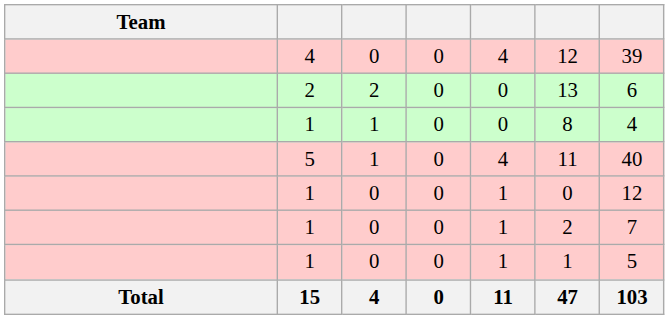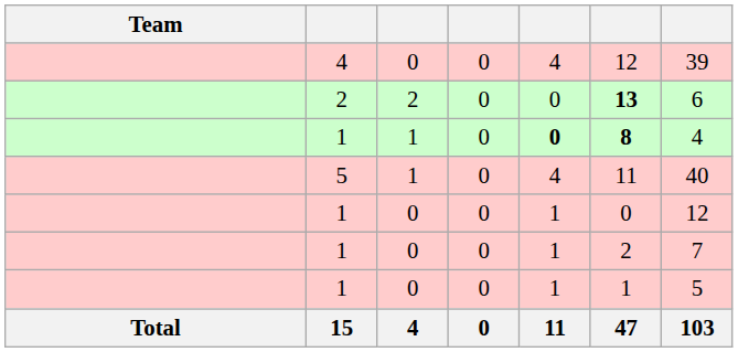 <table class="wikitable" style="font-size:95%; text-align:center">
 <tr>
 <th width=192>Team</th>
 <th width=40></th>
 <th width=40></th>
 <th width=40></th>
 <th width=40></th>
 <th width=40></th>
 <th width=40></th>
 </tr>
 <tr style="background:#ffcccc;">
 <td style="text-align:left;"></td>
 <td>4</td>
 <td>0</td>
 <td>0</td>
 <td>4</td>
 <td>12</td>
 <td>39</td>
 </tr>
 <tr style="background:#ccffcc;">
 <td style="text-align:left;"></td>
 <td>2</td>
 <td>2</td>
 <td>0</td>
 <td>0</td>
-<td>13</td>
+<td><strong>13</strong></td>
 <td>6</td>
 </tr>
 <tr style="background:#ccffcc;">
 <td style="text-align:left;"></td>
 <td>1</td>
 <td>1</td>
 <td>0</td>
-<td>0</td>
-<td>8</td>
+<td><strong>0</strong></td>
+<td><strong>8</strong></td>
 <td>4</td>
 </tr>
 <tr style="background:#ffcccc;">
 <td style="text-align:left;"></td>
 <td>5</td>
 <td>1</td>
 <td>0</td>
 <td>4</td>
 <td>11</td>
 <td>40</td>
 </tr>
 <tr style="background:#ffcccc;">
 <td style="text-align:left;"></td>
 <td>1</td>
 <td>0</td>
 <td>0</td>
 <td>1</td>
 <td>0</td>
 <td>12</td>
 </tr>
 <tr style="background:#ffcccc;">
 <td style="text-align:left;"></td>
 <td>1</td>
 <td>0</td>
 <td>0</td>
 <td>1</td>
 <td>2</td>
 <td>7</td>
 </tr>
 <tr style="background:#ffcccc;">
 <td style="text-align:left;"></td>
 <td>1</td>
 <td>0</td>
 <td>0</td>
 <td>1</td>
 <td>1</td>
 <td>5</td>
 </tr>
 <tr>
 <th>Total</th>
 <th>15</th>
 <th>4</th>
 <th>0</th>
 <th>11</th>
 <th>47</th>
 <th>103</th>
 </tr>
 </table>
